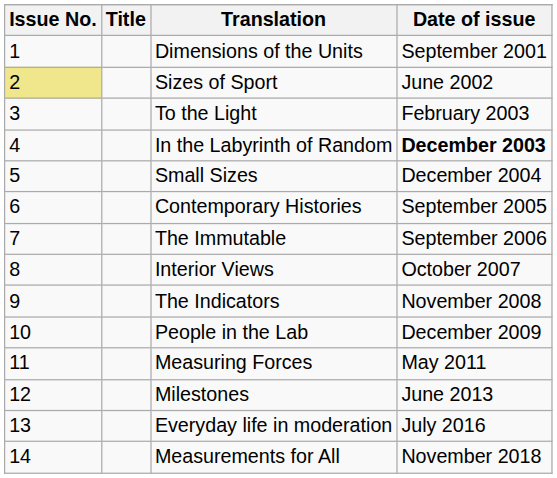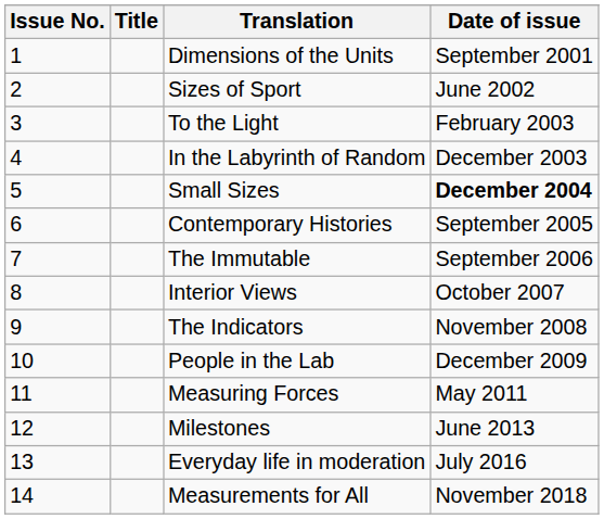 <table class="wikitable float-right">
 <tr class="hintergrundfarbe6">
 </tr>
 <tr>
 <th>Issue No.</th>
 <th>Title</th>
 <th>Translation</th>
 <th>Date of issue</th>
 </tr>
 <tr>
 <td>1</td>
 <td></td>
 <td>Dimensions of the Units</td>
 <td>September 2001</td>
 </tr>
 <tr>
-<td style="background: khaki;">2</td>
+<td>2</td>
 <td></td>
 <td>Sizes of Sport</td>
 <td>June 2002</td>
 </tr>
 <tr>
 <td>3</td>
 <td></td>
 <td>To the Light</td>
 <td>February 2003</td>
 </tr>
 <tr>
 <td>4</td>
 <td></td>
 <td>In the Labyrinth of Random</td>
-<td><strong>December 2003</strong></td>
+<td>December 2003</td>
 </tr>
 <tr>
 <td>5</td>
 <td></td>
 <td>Small Sizes</td>
-<td>December 2004</td>
+<td><strong>December 2004</strong></td>
 </tr>
 <tr>
 <td>6</td>
 <td></td>
 <td>Contemporary Histories</td>
 <td>September 2005</td>
 </tr>
 <tr>
 <td>7</td>
 <td></td>
 <td>The Immutable</td>
 <td>September 2006</td>
 </tr>
 <tr>
 <td>8</td>
 <td></td>
 <td>Interior Views</td>
 <td>October 2007</td>
 </tr>
 <tr>
 <td>9</td>
 <td></td>
 <td>The Indicators</td>
 <td>November 2008</td>
 </tr>
 <tr>
 <td>10</td>
 <td></td>
 <td>People in the Lab</td>
 <td>December 2009</td>
 </tr>
 <tr>
 <td>11</td>
 <td></td>
 <td>Measuring Forces</td>
 <td>May 2011</td>
 </tr>
 <tr>
 <td>12</td>
 <td></td>
 <td>Milestones</td>
 <td>June 2013</td>
 </tr>
 <tr>
 <td>13</td>
 <td></td>
 <td>Everyday life in moderation</td>
 <td>July 2016</td>
 </tr>
 <tr>
 <td>14</td>
 <td></td>
 <td>Measurements for All</td>
 <td>November 2018</td>
 </tr>
 </table>
